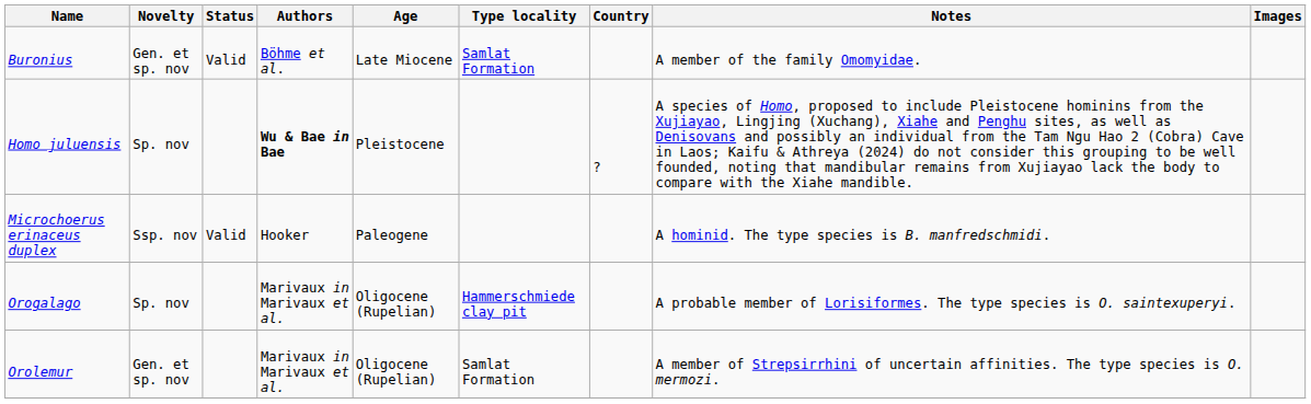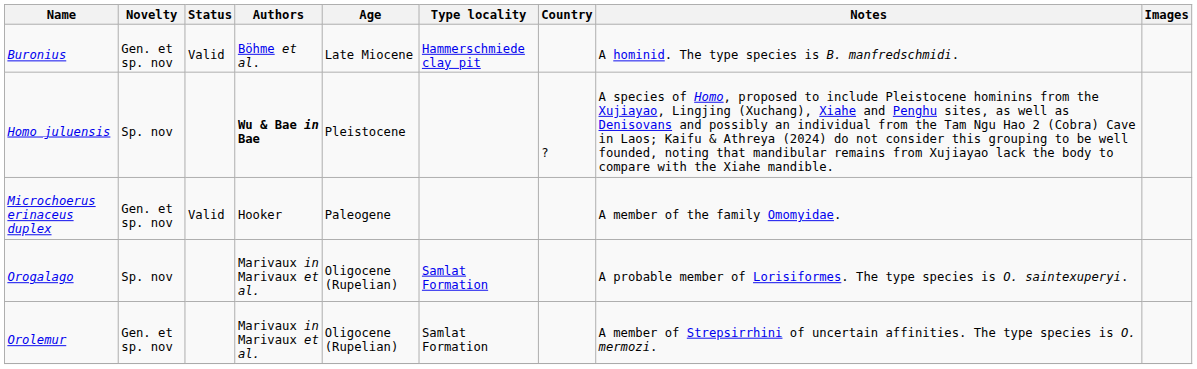 <table class="wikitable sortable" align="center" width="100%">
 <tr>
 <th>Name</th>
 <th>Novelty</th>
 <th>Status</th>
 <th>Authors</th>
 <th>Age</th>
 <th>Type locality</th>
 <th>Country</th>
 <th>Notes</th>
 <th>Images</th>
 </tr>
 <tr>
 <td><br><em><a href='#'>Buronius</a></em></td>
 <td><br>Gen. et sp. nov</td>
 <td><br>Valid</td>
 <td><br><a href='#'>Böhme</a> <em>et al</em>.</td>
 <td><br>Late Miocene</td>
-<td><br><a href='#'>Samlat Formation</a></td>
+<td><br><a href='#'>Hammerschmiede clay pit</a></td>
 <td><br></td>
-<td><br>A member of the family <a href='#'>Omomyidae</a>.</td>
+<td><br>A <a href='#'>hominid</a>. The type species is <em>B. manfredschmidi</em>.</td>
 <td><br></td>
 </tr>
 <tr>
 <td><br><em><a href='#'>Homo juluensis</a></em></td>
 <td><br>Sp. nov</td>
 <td></td>
 <td><strong><br>Wu & Bae <em>in</em> Bae</strong></td>
 <td><br>Pleistocene</td>
 <td></td>
 <td><br><br> <br> <br> ?</td>
 <td><br>A species of <em><a href='#'>Homo</a></em>, proposed to include Pleistocene hominins from the <a href='#'>Xujiayao</a>, Lingjing (Xuchang), <a href='#'>Xiahe</a> and <a href='#'>Penghu</a> sites, as well as <a href='#'>Denisovans</a> and possibly an individual from the Tam Ngu Hao 2 (Cobra) Cave in Laos; Kaifu & Athreya (2024) do not consider this grouping to be well founded, noting that mandibular remains from Xujiayao lack the body to compare with the Xiahe mandible.</td>
 <td></td>
 </tr>
 <tr>
 <td><br><em><a href='#'>Microchoerus erinaceus duplex</a></em></td>
-<td><br>Ssp. nov</td>
+<td><br>Gen. et sp. nov</td>
 <td><br>Valid</td>
 <td><br>Hooker</td>
 <td><br>Paleogene</td>
 <td></td>
 <td><br></td>
-<td><br>A <a href='#'>hominid</a>. The type species is <em>B. manfredschmidi</em>.</td>
+<td><br>A member of the family <a href='#'>Omomyidae</a>.</td>
 <td></td>
 </tr>
 <tr>
 <td><br><em><a href='#'>Orogalago</a></em></td>
 <td><br>Sp. nov</td>
 <td></td>
 <td><br>Marivaux <em>in</em> Marivaux <em>et al.</em></td>
 <td><br>Oligocene (Rupelian)</td>
-<td><br><a href='#'>Hammerschmiede clay pit</a></td>
+<td><br><a href='#'>Samlat Formation</a></td>
 <td><br></td>
 <td><br>A probable member of <a href='#'>Lorisiformes</a>. The type species is <em>O. saintexuperyi</em>.</td>
 <td></td>
 </tr>
 <tr>
 <td><br><em><a href='#'>Orolemur</a></em></td>
 <td><br>Gen. et sp. nov</td>
 <td></td>
 <td><br>Marivaux <em>in</em> Marivaux <em>et al.</em></td>
 <td><br>Oligocene (Rupelian)</td>
 <td><br>Samlat Formation</td>
 <td><br></td>
 <td><br>A member of <a href='#'>Strepsirrhini</a> of uncertain affinities. The type species is <em>O. mermozi</em>.</td>
 <td></td>
 </tr>
 <tr>
 </tr>
 </table>
